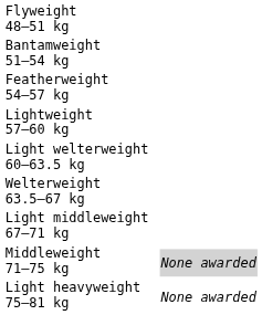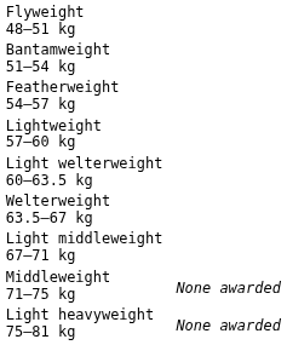 <table>
 <tr>
 <td rowspan=2>Flyweight<br>48–51 kg</td>
 <td rowspan=2></td>
 <td rowspan=2></td>
 <td></td>
 </tr>
 <tr>
 <td></td>
 </tr>
 <tr>
 <td rowspan=2>Bantamweight<br>51–54 kg</td>
 <td rowspan=2></td>
 <td rowspan=2></td>
 <td></td>
 </tr>
 <tr>
 <td></td>
 </tr>
 <tr>
 <td rowspan=2>Featherweight<br>54–57 kg</td>
 <td rowspan=2></td>
 <td rowspan=2></td>
 <td></td>
 </tr>
 <tr>
 <td></td>
 </tr>
 <tr>
 <td rowspan=2>Lightweight<br>57–60 kg</td>
 <td rowspan=2></td>
 <td rowspan=2></td>
 <td></td>
 </tr>
 <tr>
 <td></td>
 </tr>
 <tr>
 <td rowspan=2>Light welterweight<br>60–63.5 kg</td>
 <td rowspan=2></td>
 <td rowspan=2></td>
 <td></td>
 </tr>
 <tr>
 <td></td>
 </tr>
 <tr>
 <td rowspan=2>Welterweight<br>63.5–67 kg</td>
 <td rowspan=2></td>
 <td rowspan=2></td>
 <td></td>
 </tr>
 <tr>
 <td></td>
 </tr>
 <tr>
 <td rowspan=2>Light middleweight<br>67–71 kg</td>
 <td rowspan=2></td>
 <td rowspan=2></td>
 <td></td>
 </tr>
 <tr>
 <td></td>
 </tr>
 <tr>
 <td rowspan=2>Middleweight<br>71–75 kg</td>
 <td rowspan=2></td>
 <td rowspan=2></td>
 <td></td>
 </tr>
 <tr>
-<td style="background: lightgrey;"><em>None awarded</em></td>
+<td><em>None awarded</em></td>
 </tr>
 <tr>
 <td rowspan=2>Light heavyweight<br>75–81 kg</td>
 <td rowspan=2></td>
 <td rowspan=2></td>
 <td></td>
 </tr>
 <tr>
 <td><em>None awarded</em></td>
 </tr>
 </table>
